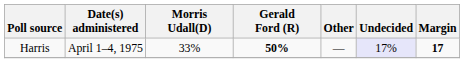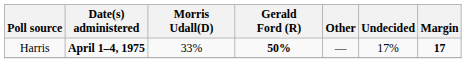 <table class="wikitable sortable" style="text-align:center;font-size:90%;line-height:17px">
 <tr valign= bottom>
 <th>Poll source</th>
 <th>Date(s)<br>administered</th>
 <th class="unsortable" style="width:100px;">Morris<br>Udall(D)</th>
 <th class="unsortable" style="width:100px;">Gerald<br>Ford (R)</th>
 <th class="unsortable">Other</th>
 <th class="unsortable">Undecided</th>
 <th>Margin</th>
 </tr>
 <tr>
 <td align="center">Harris</td>
-<td>April 1–4, 1975</td>
+<td><strong>April 1–4, 1975</strong></td>
 <td align="center">33%</td>
 <td><strong>50%</strong></td>
 <td align="center">—</td>
-<td align="center" style="background: lavender;">17%</td>
+<td align="center">17%</td>
 <td><strong>17</strong></td>
 </tr>
 <tr>
 </tr>
 </table>
